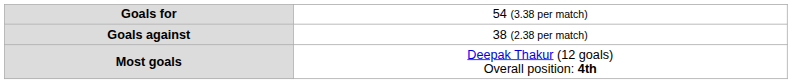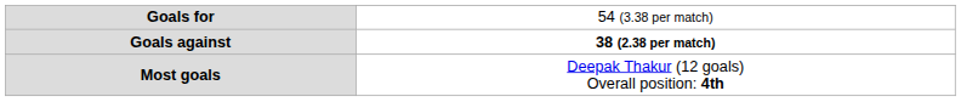 <table class="wikitable" style="width:50%;text-align:center">
 <tr>
 <td style="background:gainsboro;"><strong>Goals for</strong></td>
 <td style="background:white;">54 <small>(3.38 per match)</small></td>
 </tr>
 <tr>
 <td style="background:gainsboro;"><strong>Goals against</strong></td>
-<td style="background:white;">38 <small>(2.38 per match)</small></td>
+<td style="background:white;"><strong>38 <small>(2.38 per match)</small></strong></td>
 </tr>
 <tr>
 <td style="background:gainsboro;"><strong>Most goals</strong></td>
 <td style="background:white;"> <a href='#'>Deepak Thakur</a> (12 goals) <br> Overall position: <strong>4th</strong></td>
 </tr>
 </table>
